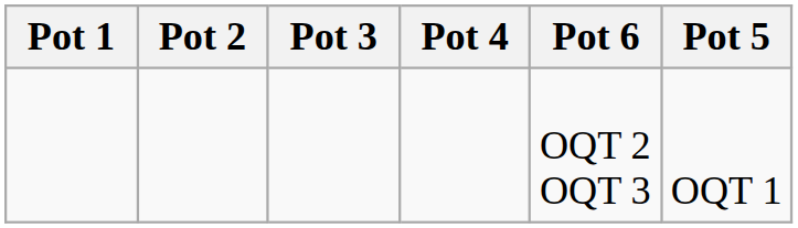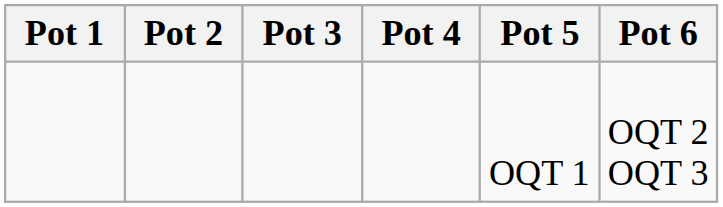 <table class=wikitable>
 <tr>
 <th width=16.7%>Pot 1</th>
 <th width=16.7%>Pot 2</th>
 <th width=16.7%>Pot 3</th>
 <th width=16.7%>Pot 4</th>
+<th width=16.7%>Pot 5</th>
 <th width=16.7%>Pot 6</th>
-<th width=16.7%>Pot 5</th>
 </tr>
 <tr>
 <td><br><br> </td>
 <td><br><br> </td>
 <td><br><br> </td>
 <td><br><br> </td>
+<td><br><br> OQT 1</td>
 <td><br>OQT 2<br> OQT 3</td>
-<td><br><br> OQT 1</td>
 </tr>
 </table>
